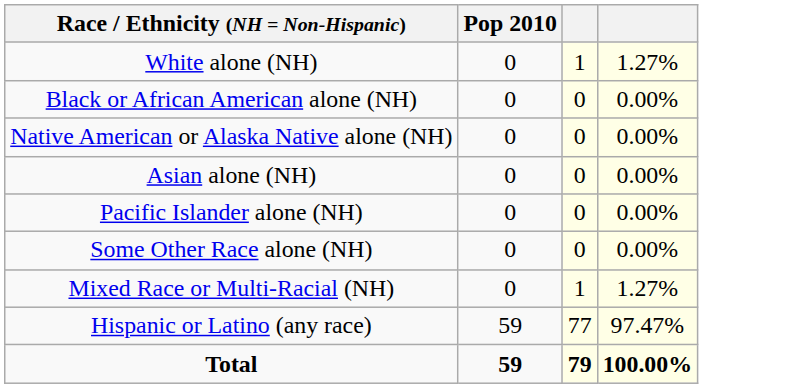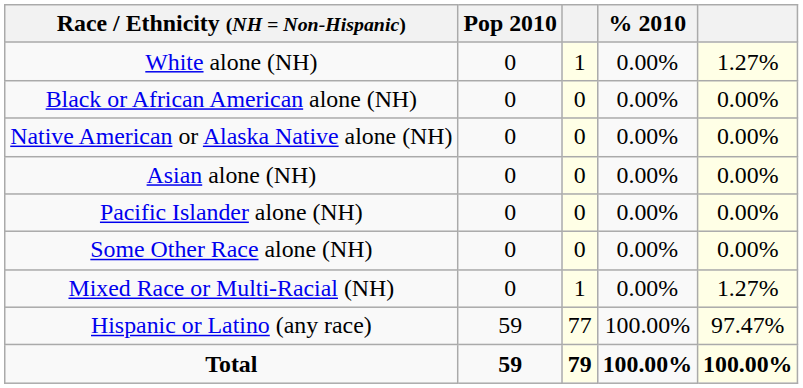 <table class="wikitable" style="text-align:center;">
 <tr>
 <th>Race / Ethnicity <small>(<em>NH = Non-Hispanic</em>)</small></th>
 <th>Pop 2010</th>
 <th></th>
+<th>% 2010</th>
 <th></th>
 </tr>
 <tr>
 <td><a href='#'>White</a> alone (NH)</td>
 <td>0</td>
 <td style='background: #ffffe6;'>1</td>
+<td>0.00%</td>
 <td style='background: #ffffe6;'>1.27%</td>
 </tr>
 <tr>
 <td><a href='#'>Black or African American</a> alone (NH)</td>
 <td>0</td>
 <td style='background: #ffffe6;'>0</td>
+<td>0.00%</td>
 <td style='background: #ffffe6;'>0.00%</td>
 </tr>
 <tr>
 <td><a href='#'>Native American</a> or <a href='#'>Alaska Native</a> alone (NH)</td>
 <td>0</td>
 <td style='background: #ffffe6;'>0</td>
+<td>0.00%</td>
 <td style='background: #ffffe6;'>0.00%</td>
 </tr>
 <tr>
 <td><a href='#'>Asian</a> alone (NH)</td>
 <td>0</td>
 <td style='background: #ffffe6;'>0</td>
+<td>0.00%</td>
 <td style='background: #ffffe6;'>0.00%</td>
 </tr>
 <tr>
 <td><a href='#'>Pacific Islander</a> alone (NH)</td>
 <td>0</td>
 <td style='background: #ffffe6;'>0</td>
+<td>0.00%</td>
 <td style='background: #ffffe6;'>0.00%</td>
 </tr>
 <tr>
 <td><a href='#'>Some Other Race</a> alone (NH)</td>
 <td>0</td>
 <td style='background: #ffffe6;'>0</td>
+<td>0.00%</td>
 <td style='background: #ffffe6;'>0.00%</td>
 </tr>
 <tr>
 <td><a href='#'>Mixed Race or Multi-Racial</a> (NH)</td>
 <td>0</td>
 <td style='background: #ffffe6;'>1</td>
+<td>0.00%</td>
 <td style='background: #ffffe6;'>1.27%</td>
 </tr>
 <tr>
 <td><a href='#'>Hispanic or Latino</a> (any race)</td>
 <td>59</td>
 <td style='background: #ffffe6;'>77</td>
+<td>100.00%</td>
 <td style='background: #ffffe6;'>97.47%</td>
 </tr>
 <tr>
 <td><strong>Total</strong></td>
 <td><strong>59</strong></td>
 <td style='background: #ffffe6;'><strong>79</strong></td>
+<td><strong>100.00%</strong></td>
 <td style='background: #ffffe6;'><strong>100.00%</strong></td>
 </tr>
 </table>
